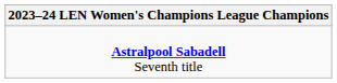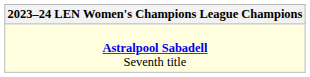 <table class=wikitable style="text-align:center; margin:auto">
 <tr>
 <th>2023–24 LEN Women's Champions League Champions</th>
 </tr>
 <tr>
-<td> <br><strong><a href='#'>Astralpool Sabadell</a></strong><br>Seventh title</td>
+<td style="background: lightyellow;"> <br><strong><a href='#'>Astralpool Sabadell</a></strong><br>Seventh title</td>
 </tr>
 </table>
